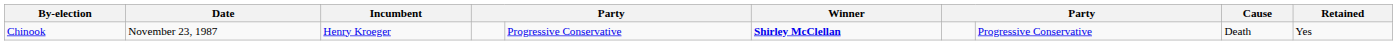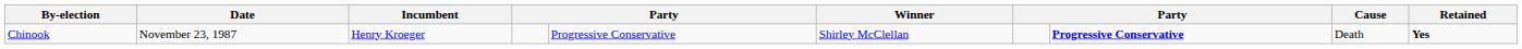 <table class=wikitable style="width:100%">
 <tr>
 <th>By-election</th>
 <th>Date</th>
 <th>Incumbent</th>
 <th colspan=2>Party</th>
 <th>Winner</th>
 <th colspan=2>Party</th>
 <th>Cause</th>
 <th>Retained</th>
 </tr>
 <tr>
 <td><a href='#'>Chinook</a></td>
 <td>November 23, 1987</td>
 <td><a href='#'>Henry Kroeger</a></td>
 <td>    </td>
 <td><a href='#'>Progressive Conservative</a></td>
-<td><strong><a href='#'>Shirley McClellan</a></strong></td>
+<td><a href='#'>Shirley McClellan</a></td>
 <td>    </td>
-<td><a href='#'>Progressive Conservative</a></td>
+<td><strong><a href='#'>Progressive Conservative</a></strong></td>
 <td>Death</td>
-<td>Yes</td>
+<td><strong>Yes</strong></td>
 </tr>
 </table>
